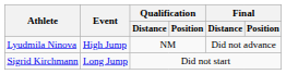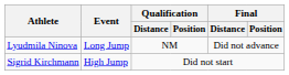 <table class=wikitable style="font-size:90%">
 <tr>
 <th rowspan="2">Athlete</th>
 <th rowspan="2">Event</th>
 <th colspan="2">Qualification</th>
 <th colspan="2">Final</th>
 </tr>
 <tr style="font-size:95%">
 <th>Distance</th>
 <th>Position</th>
 <th>Distance</th>
 <th>Position</th>
 </tr>
 <tr align=center>
 <td align=left><a href='#'>Lyudmila Ninova</a></td>
-<td align=left><a href='#'>High Jump</a></td>
+<td align=left><a href='#'>Long Jump</a></td>
 <td colspan=2>NM</td>
 <td colspan=2>Did not advance</td>
 </tr>
 <tr align=center>
 <td align=left><a href='#'>Sigrid Kirchmann</a></td>
-<td align=left><a href='#'>Long Jump</a></td>
+<td align=left><a href='#'>High Jump</a></td>
 <td colspan=4>Did not start</td>
 </tr>
 </table>
